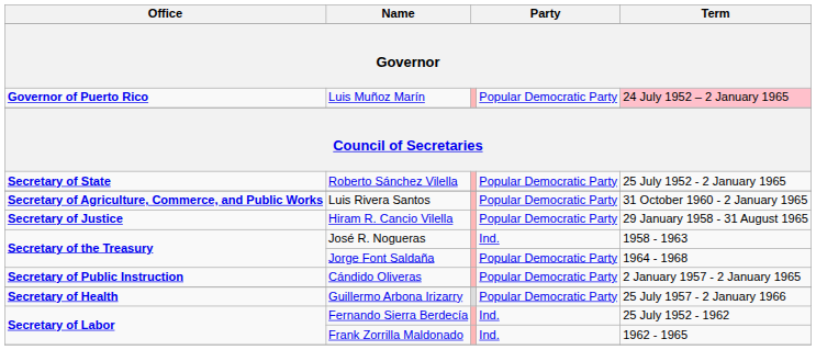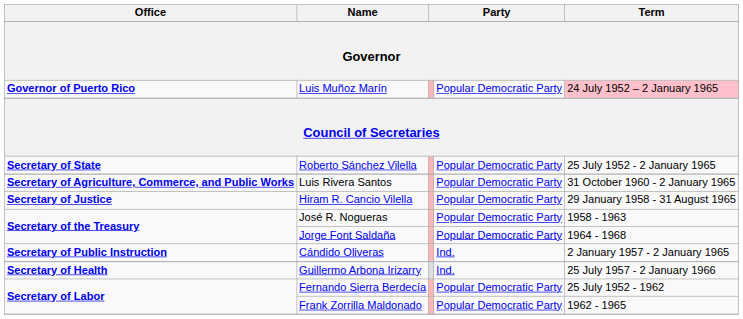 <table class="wikitable">
 <tr>
 <th>Office</th>
 <th>Name</th>
 <th colspan="2">Party</th>
 <th>Term</th>
 </tr>
 <tr>
 </tr>
 <tr>
 <th colspan="9"><br><h3>Governor</h3></th>
 </tr>
 <tr>
 <td rowspan="1"><strong><a href='#'>Governor of Puerto Rico</a></strong><br></td>
 <td><a href='#'>Luis Muñoz Marín</a></td>
 <td style="background-color:#FFB6B6"></td>
 <td><a href='#'>Popular Democratic Party</a></td>
 <td style="background: pink;">24 July 1952 – 2 January 1965</td>
 </tr>
 <tr>
 </tr>
 <tr>
 <th colspan="9"><br><h3><a href='#'>Council of Secretaries</a></h3></th>
 </tr>
 <tr>
 <td rowspan="1"><strong><a href='#'>Secretary of State</a></strong><br></td>
 <td><a href='#'>Roberto Sánchez Vilella</a></td>
 <td style="background-color:#FFB6B6"></td>
 <td><a href='#'>Popular Democratic Party</a></td>
 <td>25 July 1952 - 2 January 1965</td>
 </tr>
 <tr>
 </tr>
 <tr>
 <td rowspan="1"><strong><a href='#'>Secretary of Agriculture, Commerce, and Public Works</a></strong><br></td>
 <td>Luis Rivera Santos </td>
 <td style="background-color:#FFB6B6"></td>
 <td><a href='#'>Popular Democratic Party</a></td>
 <td>31 October 1960 - 2 January 1965</td>
 </tr>
 <tr>
 <td rowspan="1"><strong><a href='#'>Secretary of Justice</a></strong><br></td>
 <td><a href='#'>Hiram R. Cancio Vilella</a></td>
 <td style="background-color:#FFB6B6"></td>
 <td><a href='#'>Popular Democratic Party</a></td>
 <td>29 January 1958 - 31 August 1965</td>
 </tr>
 <tr>
 <td rowspan="2"><strong><a href='#'>Secretary of the Treasury</a></strong><br></td>
 <td>José R. Nogueras </td>
 <td style="background-color:#FFB6B6"></td>
-<td><a href='#'>Ind.</a></td>
+<td><a href='#'>Popular Democratic Party</a></td>
 <td>1958 - 1963</td>
 </tr>
 <tr>
 <td><a href='#'>Jorge Font Saldaña</a></td>
 <td style="background-color:#FFB6B6"></td>
 <td><a href='#'>Popular Democratic Party</a></td>
 <td>1964 - 1968</td>
 </tr>
 <tr>
 <td rowspan="1"><strong><a href='#'>Secretary of Public Instruction</a></strong><br></td>
 <td><a href='#'>Cándido Oliveras</a></td>
 <td style="background-color:#FFB6B6"></td>
-<td><a href='#'>Popular Democratic Party</a></td>
+<td><a href='#'>Ind.</a></td>
 <td>2 January 1957 - 2 January 1965</td>
 </tr>
 <tr>
 </tr>
 <tr>
 <td rowspan="1"><strong><a href='#'>Secretary of Health</a></strong><br></td>
 <td><a href='#'>Guillermo Arbona Irizarry</a></td>
 <td style="background-color:#DDDDDD"></td>
-<td><a href='#'>Popular Democratic Party</a></td>
+<td><a href='#'>Ind.</a></td>
 <td>25 July 1957 - 2 January 1966</td>
 </tr>
 <tr>
 <td rowspan="2"><strong><a href='#'>Secretary of Labor</a></strong><br></td>
 <td><a href='#'>Fernando Sierra Berdecía</a></td>
 <td style="background-color:#FFB6B6"></td>
-<td><a href='#'>Ind.</a></td>
+<td><a href='#'>Popular Democratic Party</a></td>
 <td>25 July 1952 - 1962</td>
 </tr>
 <tr>
 <td><a href='#'>Frank Zorrilla Maldonado</a></td>
 <td style="background-color:#FFB6B6"></td>
-<td><a href='#'>Ind.</a></td>
+<td><a href='#'>Popular Democratic Party</a></td>
 <td>1962 - 1965</td>
 </tr>
 <tr>
 </tr>
 </table>
